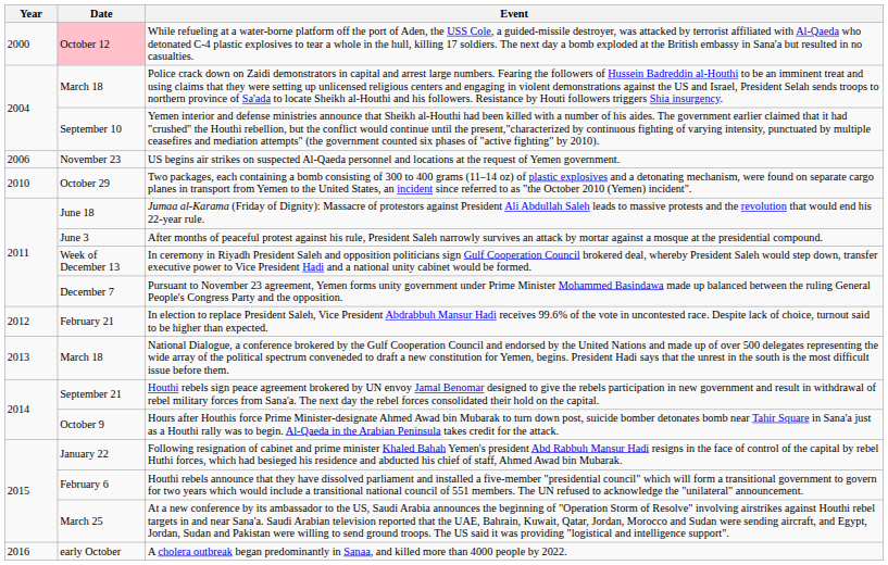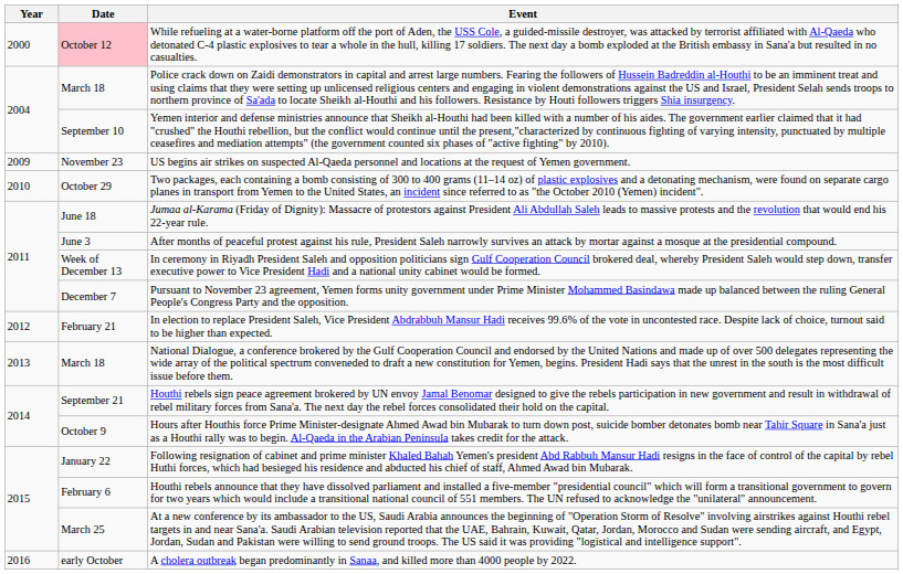 <table class="wikitable" width="100%">
 <tr>
 <th style="width:6%">Year</th>
 <th style="width:10%">Date</th>
 <th>Event</th>
 </tr>
 <tr>
 <td>2000</td>
 <td style="background: pink;">October 12</td>
 <td>While refueling at a water-borne platform off the port of Aden, the <a href='#'>USS Cole</a>, a guided-missile  destroyer, was attacked by terrorist affiliated with <a href='#'>Al-Qaeda</a> who detonated C-4 plastic explosives to tear a whole in the hull, killing 17 soldiers. The next day a bomb exploded at the British embassy in Sana'a but resulted in no casualties.</td>
 </tr>
 <tr>
 <td rowspan="2">2004</td>
 <td>March 18</td>
 <td>Police crack down on Zaidi demonstrators in capital and arrest large numbers. Fearing the followers of <a href='#'>Hussein Badreddin al-Houthi</a> to be an imminent treat and using claims that they were setting up unlicensed religious centers and engaging in violent demonstrations against the US and Israel, President Selah sends troops to northern province of <a href='#'>Sa'ada</a> to locate Sheikh al-Houthi and his followers. Resistance by Houti followers triggers <a href='#'>Shia insurgency</a>.</td>
 </tr>
 <tr>
 <td>September 10</td>
 <td>Yemen interior and defense ministries announce that Sheikh al-Houthi had been killed with a number of his aides. The government earlier claimed that it had "crushed" the Houthi rebellion, but the conflict would continue until the present,"characterized by continuous fighting of varying intensity, punctuated by multiple ceasefires and mediation attempts" (the government counted six phases of "active fighting" by 2010).</td>
 </tr>
 <tr>
-<td>2006</td>
+<td>2009</td>
 <td>November 23</td>
 <td>US begins air strikes on suspected Al-Qaeda personnel and locations at the request of Yemen government.</td>
 </tr>
 <tr>
 <td>2010</td>
 <td>October 29</td>
 <td>Two packages, each containing a bomb consisting of 300 to 400 grams (11–14 oz) of <a href='#'>plastic explosives</a> and a detonating mechanism, were found on separate cargo planes in transport from Yemen to the United States, an <a href='#'>incident</a> since referred to as "the October 2010 (Yemen) incident".</td>
 </tr>
 <tr>
 <td rowspan="4">2011</td>
 <td>June 18</td>
 <td><em>Jumaa al-Karama</em> (Friday of Dignity): Massacre of protestors against President <a href='#'>Ali Abdullah Saleh</a> leads to massive protests and the <a href='#'>revolution</a> that would end his 22-year rule.</td>
 </tr>
 <tr>
 <td>June 3</td>
 <td>After months of peaceful protest against his rule, President Saleh narrowly survives an attack by mortar against a mosque at the presidential compound.</td>
 </tr>
 <tr>
 <td>Week of December 13</td>
 <td>In ceremony in Riyadh President Saleh and opposition politicians sign <a href='#'>Gulf Cooperation Council</a> brokered deal, whereby President Saleh would step down, transfer executive power to Vice President <a href='#'>Hadi</a> and a national unity cabinet would be formed.</td>
 </tr>
 <tr>
 <td>December 7</td>
 <td>Pursuant to November 23 agreement, Yemen forms unity government under Prime Minister <a href='#'>Mohammed Basindawa</a> made up balanced between the ruling General People's Congress Party and the opposition.</td>
 </tr>
 <tr>
 <td>2012</td>
 <td>February 21</td>
 <td>In election to replace President Saleh, Vice President <a href='#'>Abdrabbuh Mansur Hadi</a> receives 99.6% of the vote in uncontested race. Despite lack of choice, turnout said to be higher than expected.</td>
 </tr>
 <tr>
 <td>2013</td>
 <td>March 18</td>
 <td>National Dialogue, a conference brokered by the Gulf Cooperation Council and endorsed by the United Nations and made up of over 500 delegates representing the wide array of the political spectrum conveneded to draft a new constitution for Yemen, begins. President Hadi says that the unrest in the south is the most difficult issue before them.</td>
 </tr>
 <tr>
 <td rowspan="2">2014</td>
 <td>September 21</td>
 <td><a href='#'>Houthi</a> rebels sign peace agreement brokered by UN envoy <a href='#'>Jamal Benomar</a> designed to give the rebels participation in new government and result in withdrawal of rebel military forces from Sana'a. The next day the rebel forces consolidated their hold on the capital.</td>
 </tr>
 <tr>
 <td>October 9</td>
 <td>Hours after Houthis force Prime Minister-designate Ahmed Awad bin Mubarak to turn down post, suicide bomber detonates bomb near <a href='#'>Tahir Square</a> in Sana'a just as a Houthi rally was to begin. <a href='#'>Al-Qaeda in the Arabian Peninsula</a> takes credit for the attack.</td>
 </tr>
 <tr>
 <td rowspan="3">2015</td>
 <td>January 22</td>
 <td>Following resignation of cabinet and prime minister <a href='#'>Khaled Bahah</a> Yemen's president <a href='#'>Abd Rabbuh Mansur Hadi</a> resigns in the face of control of the capital by rebel Huthi forces, which had besieged his residence and abducted his chief of staff, Ahmed Awad bin Mubarak.</td>
 </tr>
 <tr>
 <td>February 6</td>
 <td>Houthi rebels announce that they have dissolved parliament and installed a five-member "presidential council" which will form a transitional government to govern for two years which would include a transitional national council of 551 members. The UN refused to acknowledge the "unilateral" announcement.</td>
 </tr>
 <tr>
 <td>March 25</td>
 <td>At a new conference by its ambassador to the US, Saudi Arabia announces the beginning of "Operation Storm of Resolve" involving airstrikes against Houthi rebel targets in and near Sana'a. Saudi Arabian television reported that the UAE, Bahrain, Kuwait, Qatar, Jordan, Morocco and Sudan were sending aircraft, and Egypt, Jordan, Sudan and Pakistan were willing to send ground troops. The US said it was providing "logistical and intelligence support".</td>
 </tr>
 <tr>
 <td>2016</td>
 <td>early October</td>
 <td>A <a href='#'>cholera outbreak</a> began predominantly in <a href='#'>Sanaa</a>, and killed more than 4000 people by 2022.</td>
 </tr>
 </table>
